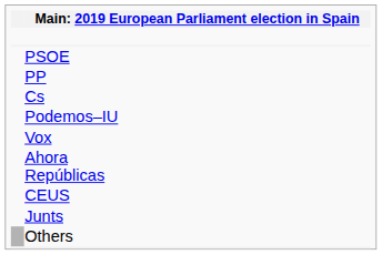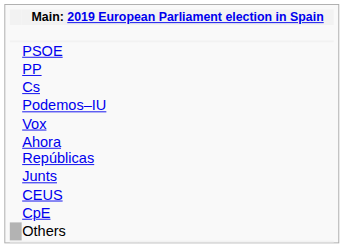 <table class="infobox vcard" style="width:23.0em; padding:0.3em; padding-bottom:0em;" cellspacing=0>
 <tr>
 <td style="background:#F2F2F2; vertical-align:middle; padding:0.4em;" width="30px"></td>
 <th colspan="4" style="text-align:center; background:#F2F2F2; font-size:0.85em; width:100%; vertical-align:middle;">Main: <a href='#'>2019 European Parliament election in Spain</a></th>
 </tr>
 <tr>
 <td colspan="5" style="text-align:center; font-size:0.85em; padding:0.5em 0em;">  </td>
 </tr>
 <tr>
 <td colspan="5"></td>
 </tr>
 <tr>
 <td colspan="5"></td>
 </tr>
 <tr>
 <th colspan="2" style="background:#F2F2F2;"></th>
 <th style="background:#F2F2F2;"></th>
 <th style="background:#F2F2F2;"></th>
 <th style="background:#F2F2F2;"></th>
 </tr>
 <tr>
 <td style="background:"></td>
 <td><a href='#'>PSOE</a></td>
 <td></td>
 <td></td>
 <td></td>
 </tr>
 <tr>
 <td style="background:"></td>
 <td width="85px"><a href='#'>PP</a></td>
 <td width="70px"></td>
 <td width="45px"></td>
 <td width="30px"></td>
 </tr>
 <tr>
 <td style="background:"></td>
 <td><a href='#'>Cs</a></td>
 <td></td>
 <td></td>
 <td></td>
 </tr>
 <tr>
 <td style="background:"></td>
 <td><a href='#'>Podemos–IU</a></td>
 <td></td>
 <td></td>
 <td></td>
 </tr>
 <tr>
 <td style="background:"></td>
 <td><a href='#'>Vox</a></td>
 <td></td>
 <td></td>
 <td></td>
 </tr>
 <tr>
 <td style="background:"></td>
 <td><a href='#'>Ahora Repúblicas</a></td>
 <td></td>
 <td></td>
 <td></td>
 </tr>
 <tr>
 <td style="background:"></td>
+<td><a href='#'>Junts</a></td>
+<td></td>
+<td></td>
+<td></td>
+</tr>
+<tr>
+<td style="background:"></td>
 <td><a href='#'>CEUS</a></td>
 <td></td>
 <td></td>
 <td></td>
 </tr>
 <tr>
 <td style="background:"></td>
-<td><a href='#'>Junts</a></td>
+<td><a href='#'>CpE</a></td>
 <td></td>
 <td></td>
 <td></td>
 </tr>
 <tr>
 <td style="background:#B3B3B3;"></td>
 <td>Others</td>
 <td></td>
 <td></td>
 <td></td>
 </tr>
 <tr>
 <th colspan="2" style="background:#F2F2F2;"></th>
 <th style="background:#F2F2F2;"></th>
 <th style="background:#F2F2F2;"></th>
 <th style="background:#F2F2F2;"></th>
 </tr>
 </table>
